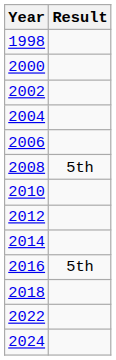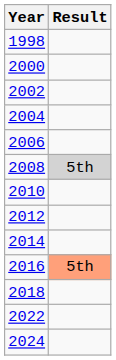 <table class="wikitable" style="text-align:center">
 <tr>
 <th>Year</th>
 <th>Result</th>
 </tr>
 <tr>
 <td><a href='#'>1998</a></td>
 <td></td>
 </tr>
 <tr>
 <td><a href='#'>2000</a></td>
 <td></td>
 </tr>
 <tr>
 <td><a href='#'>2002</a></td>
 <td></td>
 </tr>
 <tr>
 <td><a href='#'>2004</a></td>
 <td></td>
 </tr>
 <tr>
 <td><a href='#'>2006</a></td>
 <td></td>
 </tr>
 <tr>
 <td><a href='#'>2008</a></td>
-<td>5th</td>
+<td style="background: lightgrey;">5th</td>
 </tr>
 <tr>
 <td><a href='#'>2010</a></td>
 <td></td>
 </tr>
 <tr>
 <td><a href='#'>2012</a></td>
 <td></td>
 </tr>
 <tr>
 <td><a href='#'>2014</a></td>
 <td></td>
 </tr>
 <tr>
 <td><a href='#'>2016</a></td>
-<td>5th</td>
+<td style="background: lightsalmon;">5th</td>
 </tr>
 <tr>
 <td><a href='#'>2018</a></td>
 <td></td>
 </tr>
 <tr>
 <td><a href='#'>2022</a></td>
 <td></td>
 </tr>
 <tr>
 <td><a href='#'>2024</a></td>
 <td></td>
 </tr>
 </table>
